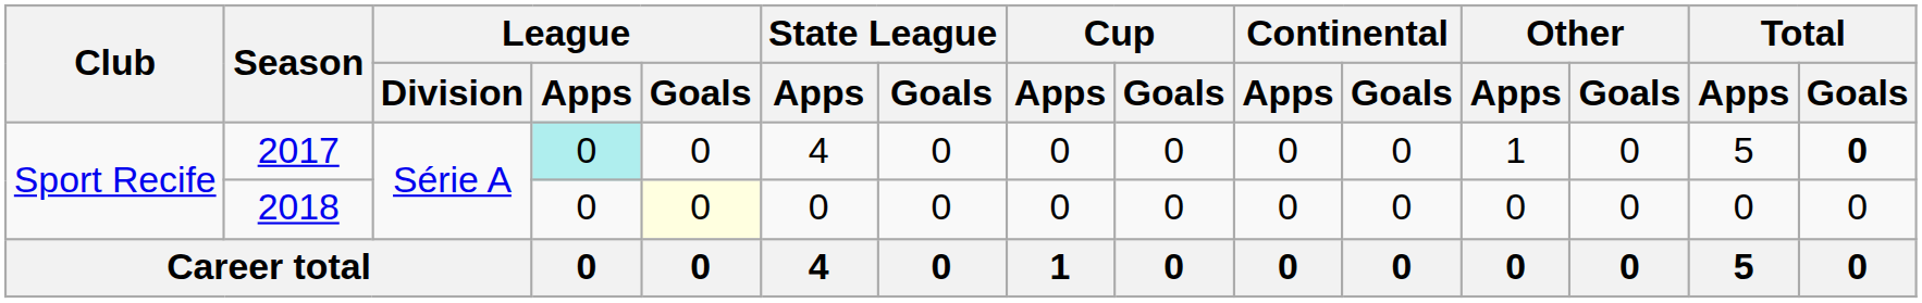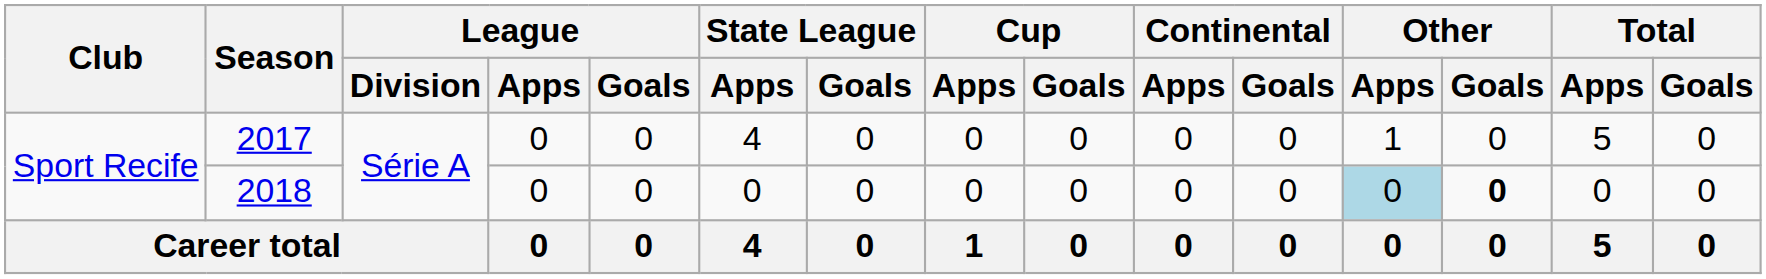 <table class="wikitable" style="text-align: center">
 <tr>
 <th rowspan="2">Club</th>
 <th rowspan="2">Season</th>
 <th colspan="3">League</th>
 <th colspan="2">State League</th>
 <th colspan="2">Cup</th>
 <th colspan="2">Continental</th>
 <th colspan="2">Other</th>
 <th colspan="2">Total</th>
 </tr>
 <tr>
 <th>Division</th>
 <th>Apps</th>
 <th>Goals</th>
 <th>Apps</th>
 <th>Goals</th>
 <th>Apps</th>
 <th>Goals</th>
 <th>Apps</th>
 <th>Goals</th>
 <th>Apps</th>
 <th>Goals</th>
 <th>Apps</th>
 <th>Goals</th>
 </tr>
 <tr>
 <td rowspan="2"><a href='#'>Sport Recife</a></td>
 <td><a href='#'>2017</a></td>
 <td rowspan="2"><a href='#'>Série A</a></td>
-<td style="background: paleturquoise;">0</td>
+<td>0</td>
 <td>0</td>
 <td>4</td>
 <td>0</td>
 <td>0</td>
 <td>0</td>
 <td>0</td>
 <td>0</td>
 <td>1</td>
 <td>0</td>
 <td>5</td>
-<td><strong>0</strong></td>
+<td>0</td>
 </tr>
 <tr>
 <td><a href='#'>2018</a></td>
-<td>0</td>
-<td style="background: lightyellow;">0</td>
 <td>0</td>
 <td>0</td>
 <td>0</td>
 <td>0</td>
 <td>0</td>
 <td>0</td>
 <td>0</td>
 <td>0</td>
+<td style="background: lightblue;">0</td>
+<td><strong>0</strong></td>
 <td>0</td>
 <td>0</td>
 </tr>
 <tr>
 <th colspan="3"><strong>Career total</strong></th>
 <th>0</th>
 <th>0</th>
 <th>4</th>
 <th>0</th>
 <th>1</th>
 <th>0</th>
 <th>0</th>
 <th>0</th>
 <th>0</th>
 <th>0</th>
 <th>5</th>
 <th>0</th>
 </tr>
 </table>
